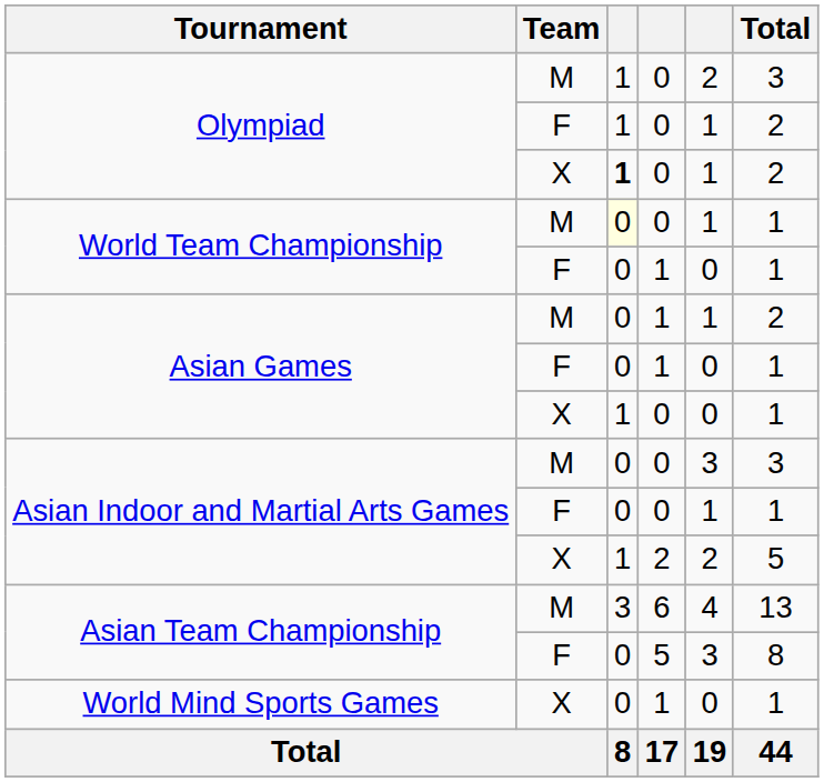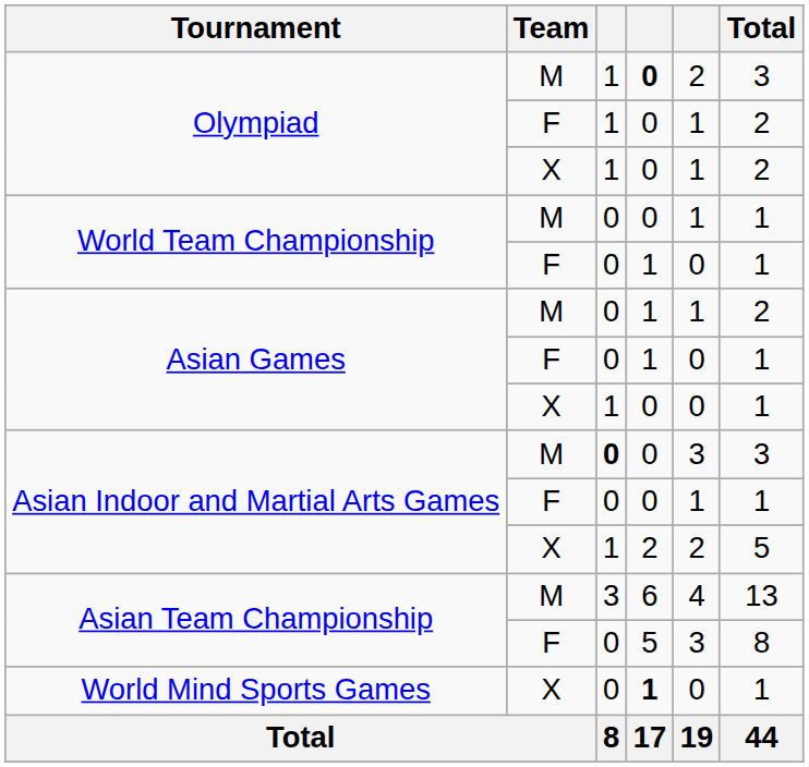 <table class="wikitable sortable" style="text-align:center">
 <tr>
 <th>Tournament</th>
 <th>Team</th>
 <th></th>
 <th></th>
 <th></th>
 <th>Total</th>
 </tr>
 <tr>
 <td rowspan=3><a href='#'>Olympiad</a></td>
 <td>M</td>
 <td>1</td>
-<td>0</td>
+<td><strong>0</strong></td>
 <td>2</td>
 <td>3</td>
 </tr>
 <tr>
 <td>F</td>
 <td>1</td>
 <td>0</td>
 <td>1</td>
 <td>2</td>
 </tr>
 <tr>
 <td>X</td>
-<td><strong>1</strong></td>
+<td>1</td>
 <td>0</td>
 <td>1</td>
 <td>2</td>
 </tr>
 <tr>
 <td rowspan=2><a href='#'>World Team Championship</a></td>
 <td>M</td>
-<td style="background: lightyellow;">0</td>
+<td>0</td>
 <td>0</td>
 <td>1</td>
 <td>1</td>
 </tr>
 <tr>
 <td>F</td>
 <td>0</td>
 <td>1</td>
 <td>0</td>
 <td>1</td>
 </tr>
 <tr>
 <td rowspan=3><a href='#'>Asian Games</a></td>
 <td>M</td>
 <td>0</td>
 <td>1</td>
 <td>1</td>
 <td>2</td>
 </tr>
 <tr>
 <td>F</td>
 <td>0</td>
 <td>1</td>
 <td>0</td>
 <td>1</td>
 </tr>
 <tr>
 <td>X</td>
 <td>1</td>
 <td>0</td>
 <td>0</td>
 <td>1</td>
 </tr>
 <tr>
 <td rowspan=3><a href='#'>Asian Indoor and Martial Arts Games</a></td>
 <td>M</td>
-<td>0</td>
+<td><strong>0</strong></td>
 <td>0</td>
 <td>3</td>
 <td>3</td>
 </tr>
 <tr>
 <td>F</td>
 <td>0</td>
 <td>0</td>
 <td>1</td>
 <td>1</td>
 </tr>
 <tr>
 <td>X</td>
 <td>1</td>
 <td>2</td>
 <td>2</td>
 <td>5</td>
 </tr>
 <tr>
 <td rowspan=2><a href='#'>Asian Team Championship</a></td>
 <td>M</td>
 <td>3</td>
 <td>6</td>
 <td>4</td>
 <td>13</td>
 </tr>
 <tr>
 <td>F</td>
 <td>0</td>
 <td>5</td>
 <td>3</td>
 <td>8</td>
 </tr>
 <tr>
 <td><a href='#'>World Mind Sports Games</a></td>
 <td>X</td>
 <td>0</td>
-<td>1</td>
+<td><strong>1</strong></td>
 <td>0</td>
 <td>1</td>
 </tr>
 <tr>
 <th colspan=2>Total</th>
 <th>8</th>
 <th>17</th>
 <th>19</th>
 <th>44</th>
 </tr>
 </table>
